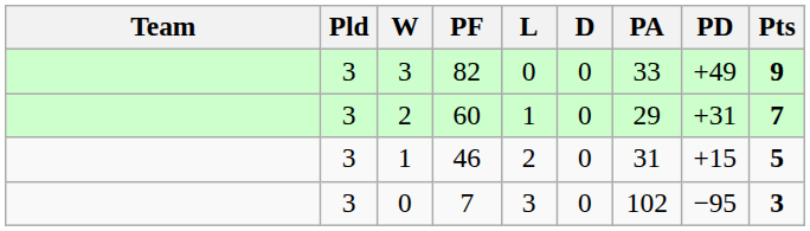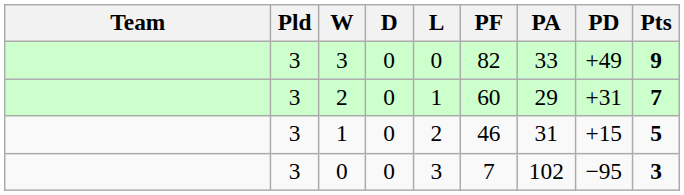 <table class="wikitable" style="text-align:center;">
 <tr>
 <th width=175>Team</th>
 <th width=25 abbr="Played">Pld</th>
 <th width=25 abbr="Won">W</th>
+<th width=25 abbr="Drawn">D</th>
+<th width=25 abbr="Lost">L</th>
 <th width=32 abbr="Points for">PF</th>
-<th width=25 abbr="Lost">L</th>
-<th width=25 abbr="Drawn">D</th>
 <th width=32 abbr="Points against">PA</th>
 <th width=32 abbr="Points difference">PD</th>
 <th width=25 abbr="Points">Pts</th>
 </tr>
 <tr bgcolor=ccffcc>
 <td align=left></td>
 <td>3</td>
 <td>3</td>
-<td>82</td>
 <td>0</td>
 <td>0</td>
+<td>82</td>
 <td>33</td>
 <td>+49</td>
 <td><strong>9</strong></td>
 </tr>
 <tr bgcolor=ccffcc>
 <td align=left></td>
 <td>3</td>
 <td>2</td>
+<td>0</td>
+<td>1</td>
 <td>60</td>
-<td>1</td>
-<td>0</td>
 <td>29</td>
 <td>+31</td>
 <td><strong>7</strong></td>
 </tr>
 <tr>
 <td align=left></td>
 <td>3</td>
 <td>1</td>
+<td>0</td>
+<td>2</td>
 <td>46</td>
-<td>2</td>
-<td>0</td>
 <td>31</td>
 <td>+15</td>
 <td><strong>5</strong></td>
 </tr>
 <tr>
 <td align=left></td>
 <td>3</td>
 <td>0</td>
+<td>0</td>
+<td>3</td>
 <td>7</td>
-<td>3</td>
-<td>0</td>
 <td>102</td>
 <td>−95</td>
 <td><strong>3</strong></td>
 </tr>
 </table>
